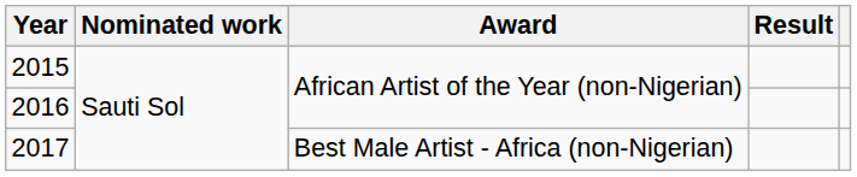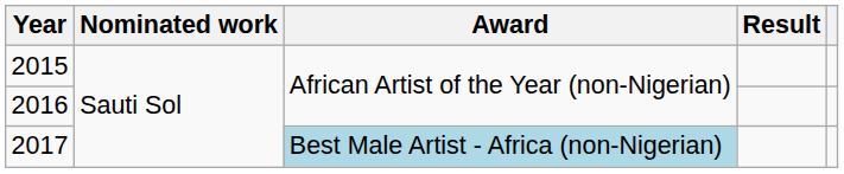 <table class ="wikitable">
 <tr>
 <th>Year</th>
 <th>Nominated work</th>
 <th>Award</th>
 <th>Result</th>
 <th></th>
 </tr>
 <tr>
 <td>2015</td>
 <td rowspan="3">Sauti Sol</td>
 <td rowspan="2">African Artist of the Year (non-Nigerian)</td>
 <td></td>
 <td></td>
 </tr>
 <tr>
 <td>2016</td>
 <td></td>
 <td></td>
 </tr>
 <tr>
 <td>2017</td>
-<td>Best Male Artist - Africa (non-Nigerian)</td>
+<td style="background: lightblue;">Best Male Artist - Africa (non-Nigerian)</td>
 <td></td>
 <td></td>
 </tr>
 </table>
